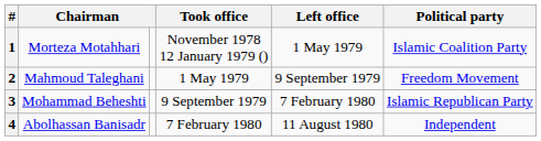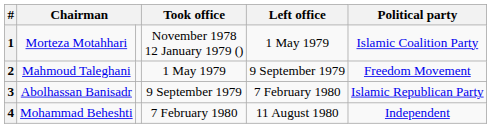 <table class="wikitable" style="text-align:center">
 <tr>
 <th>#</th>
 <th colspan=2>Chairman</th>
 <th>Took office</th>
 <th>Left office</th>
 <th>Political party</th>
 </tr>
 <tr>
 <th style="background:">1</th>
 <td><a href='#'>Morteza Motahhari</a></td>
 <td></td>
 <td> November 1978<br>12 January 1979 ()</td>
 <td>1 May 1979</td>
 <td><a href='#'>Islamic Coalition Party</a></td>
 </tr>
 <tr>
 <th style="background:">2</th>
 <td><a href='#'>Mahmoud Taleghani</a></td>
 <td></td>
 <td>1 May 1979</td>
 <td>9 September 1979</td>
 <td><a href='#'>Freedom Movement</a></td>
 </tr>
 <tr>
 <th style="background:">3</th>
-<td><a href='#'>Mohammad Beheshti</a></td>
+<td><a href='#'>Abolhassan Banisadr</a></td>
 <td></td>
 <td>9 September 1979</td>
 <td>7 February 1980</td>
 <td><a href='#'>Islamic Republican Party</a></td>
 </tr>
 <tr>
 <th style="background:">4</th>
-<td><a href='#'>Abolhassan Banisadr</a></td>
+<td><a href='#'>Mohammad Beheshti</a></td>
 <td></td>
 <td>7 February 1980</td>
 <td>11 August 1980</td>
 <td><a href='#'>Independent</a></td>
 </tr>
 </table>
